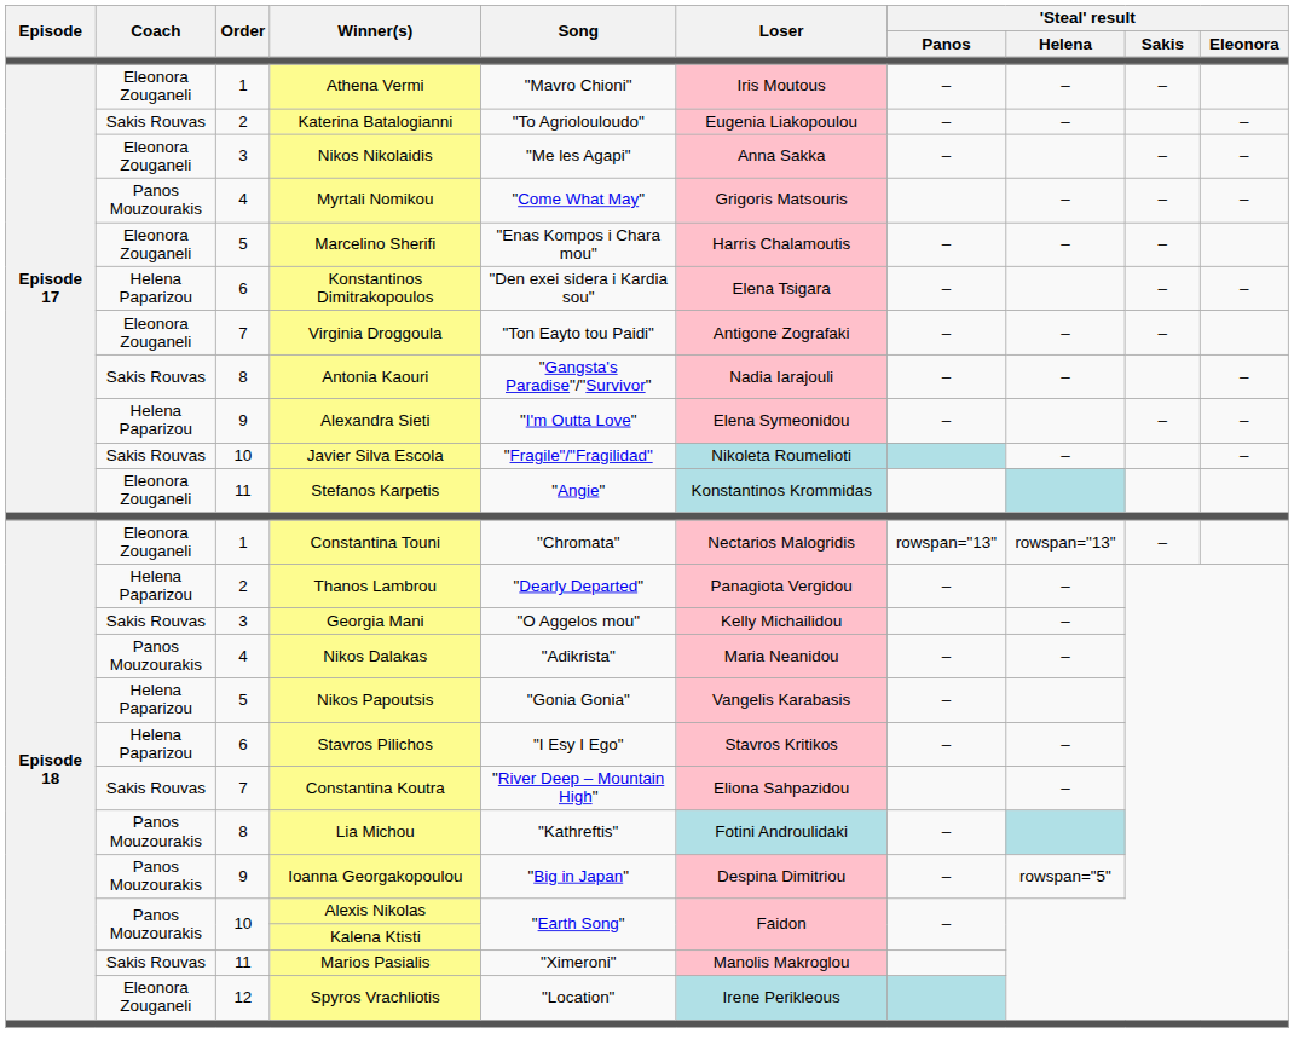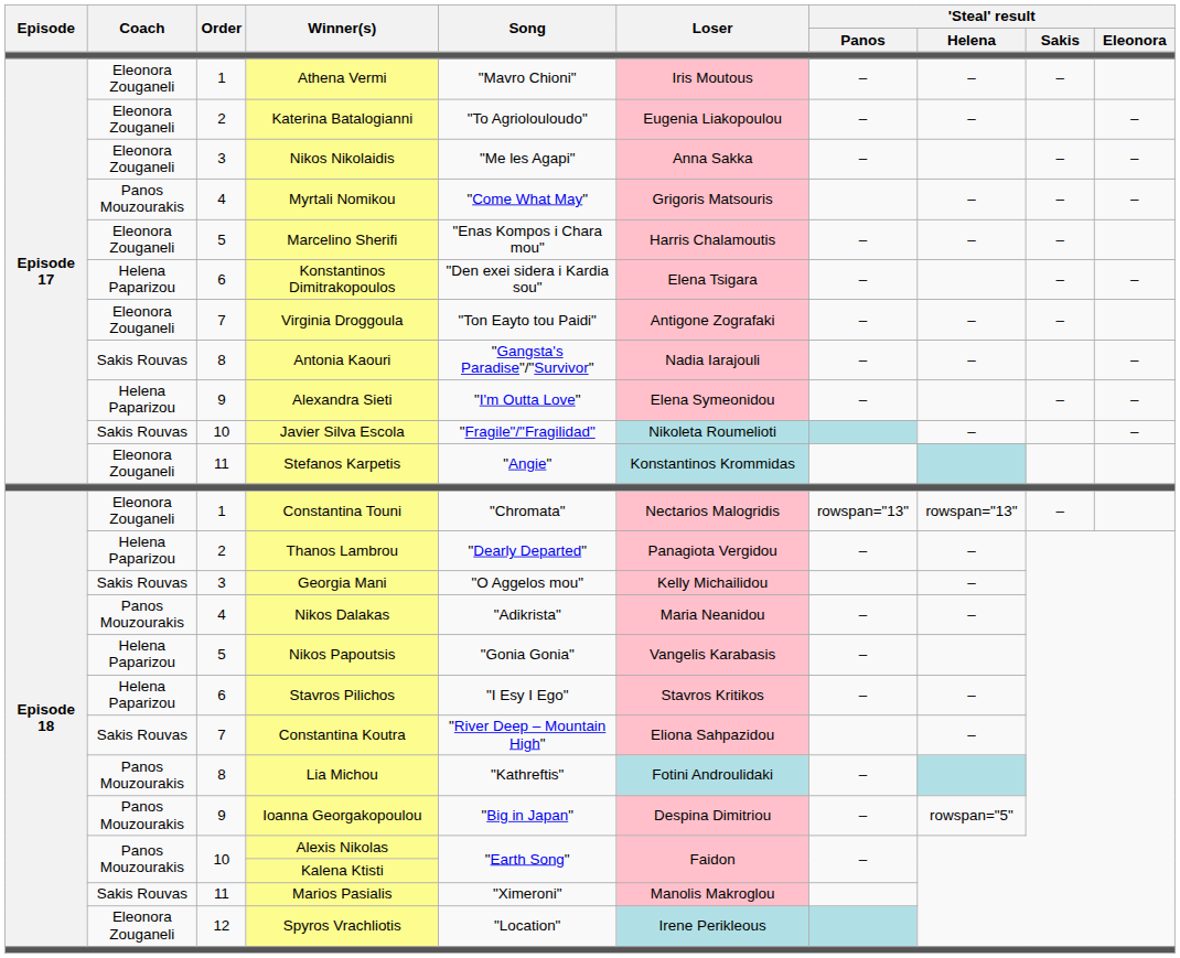 <table class="wikitable" style="text-align: center; width:100%;">
 <tr>
 <th rowspan="2" style="width:06%;">Episode</th>
 <th rowspan="2" style="width:08%;">Coach</th>
 <th rowspan="2" style="width:01%;">Order</th>
 <th rowspan="2" style="width:14%;">Winner(s)</th>
 <th rowspan="2" style="width:13%;">Song</th>
 <th rowspan="2" style="width:14%;">Loser</th>
 <th colspan="4" style="width:20%;">'Steal' result</th>
 </tr>
 <tr>
 <th style="width:05%;">Panos</th>
 <th style="width:05%;">Helena</th>
 <th style="width:05%;">Sakis</th>
 <th style="width:05%;">Eleonora</th>
 </tr>
 <tr>
 <td colspan="10" style="background:#555;"></td>
 </tr>
 <tr>
 <th rowspan="11">Episode 17<br><small></small></th>
 <td>Eleonora Zouganeli</td>
 <td>1</td>
 <td style="background:#fdfc8f;text-align:center;">Athena Vermi</td>
 <td>"Mavro Chioni"</td>
 <td style="background:pink;text-align:center;">Iris Moutous</td>
 <td>–</td>
 <td>–</td>
 <td>–</td>
 <td></td>
 </tr>
 <tr>
-<td>Sakis Rouvas</td>
+<td>Eleonora Zouganeli</td>
 <td>2</td>
 <td style="background:#fdfc8f;text-align:center;">Katerina Batalogianni</td>
 <td>"To Agriolouloudo"</td>
 <td style="background:pink;text-align:center;">Eugenia Liakopoulou</td>
 <td>–</td>
 <td>–</td>
 <td></td>
 <td>–</td>
 </tr>
 <tr>
 <td>Eleonora Zouganeli</td>
 <td>3</td>
 <td style="background:#fdfc8f;text-align:center;">Nikos Nikolaidis</td>
 <td>"Me les Agapi"</td>
 <td style="background:pink;text-align:center;">Anna Sakka</td>
 <td>–</td>
 <td></td>
 <td>–</td>
 <td>–</td>
 </tr>
 <tr>
 <td>Panos Mouzourakis</td>
 <td>4</td>
 <td style="background:#fdfc8f;text-align:center;">Myrtali Nomikou</td>
 <td>"<a href='#'>Come What May</a>"</td>
 <td style="background:pink;text-align:center;">Grigoris Matsouris</td>
 <td></td>
 <td>–</td>
 <td>–</td>
 <td>–</td>
 </tr>
 <tr>
 <td>Eleonora Zouganeli</td>
 <td>5</td>
 <td style="background:#fdfc8f;text-align:center;">Marcelino Sherifi</td>
 <td>"Enas Kompos i Chara mou"</td>
 <td style="background:pink;text-align:center;">Harris Chalamoutis</td>
 <td>–</td>
 <td>–</td>
 <td>–</td>
 <td></td>
 </tr>
 <tr>
 <td>Helena Paparizou</td>
 <td>6</td>
 <td style="background:#fdfc8f;text-align:center;">Konstantinos Dimitrakopoulos</td>
 <td>"Den exei sidera i Kardia sou"</td>
 <td style="background:pink;text-align:center;">Elena Tsigara</td>
 <td>–</td>
 <td></td>
 <td>–</td>
 <td>–</td>
 </tr>
 <tr>
 <td>Eleonora Zouganeli</td>
 <td>7</td>
 <td style="background:#fdfc8f;text-align:center;">Virginia Droggoula</td>
 <td>"Ton Eayto tou Paidi"</td>
 <td style="background:pink;text-align:center;">Antigone Zografaki</td>
 <td>–</td>
 <td>–</td>
 <td>–</td>
 <td></td>
 </tr>
 <tr>
 <td>Sakis Rouvas</td>
 <td>8</td>
 <td style="background:#fdfc8f;text-align:center;">Antonia Kaouri</td>
 <td>"<a href='#'>Gangsta's Paradise</a>"/"<a href='#'>Survivor</a>"</td>
 <td style="background:pink;text-align:center;">Nadia Iarajouli</td>
 <td>–</td>
 <td>–</td>
 <td></td>
 <td>–</td>
 </tr>
 <tr>
 <td>Helena Paparizou</td>
 <td>9</td>
 <td style="background:#fdfc8f;text-align:center;">Alexandra Sieti</td>
 <td>"<a href='#'>I'm Outta Love</a>"</td>
 <td style="background:pink;text-align:center;">Elena Symeonidou</td>
 <td>–</td>
 <td></td>
 <td>–</td>
 <td>–</td>
 </tr>
 <tr>
 <td>Sakis Rouvas</td>
 <td>10</td>
 <td style="background:#fdfc8f;text-align:center;">Javier Silva Escola</td>
 <td>"<a href='#'>Fragile"/"Fragilidad"</a></td>
 <td style="background:#b0e0e6;text-align:center;">Nikoleta Roumelioti</td>
 <td style="background:#b0e0e6;text-align:center;"></td>
 <td>–</td>
 <td></td>
 <td>–</td>
 </tr>
 <tr>
 <td>Eleonora Zouganeli</td>
 <td>11</td>
 <td style="background:#fdfc8f;text-align:center;">Stefanos Karpetis</td>
 <td>"<a href='#'>Angie</a>"</td>
 <td style="background:#b0e0e6;text-align:center;">Konstantinos Krommidas</td>
 <td></td>
 <td style="background:#b0e0e6;text-align:center;"></td>
 <td></td>
 <td></td>
 </tr>
 <tr>
 <td colspan="10" style="background:#555;"></td>
 </tr>
 <tr>
 <th rowspan="13">Episode 18<br><small></small></th>
 <td>Eleonora Zouganeli</td>
 <td>1</td>
 <td style="background:#fdfc8f;text-align:center;">Constantina Touni</td>
 <td>"Chromata"</td>
 <td style="background:pink;text-align:center;">Nectarios Malogridis</td>
 <td>rowspan="13" </td>
 <td>rowspan="13" </td>
 <td>–</td>
 <td></td>
 </tr>
 <tr>
 <td>Helena Paparizou</td>
 <td>2</td>
 <td style="background:#fdfc8f;text-align:center;">Thanos Lambrou</td>
 <td>"<a href='#'>Dearly Departed</a>"</td>
 <td style="background:pink;text-align:center;">Panagiota Vergidou</td>
 <td>–</td>
 <td>–</td>
 </tr>
 <tr>
 <td>Sakis Rouvas</td>
 <td>3</td>
 <td style="background:#fdfc8f;text-align:center;">Georgia Mani</td>
 <td>"O Aggelos mou"</td>
 <td style="background:pink;text-align:center;">Kelly Michailidou</td>
 <td></td>
 <td>–</td>
 </tr>
 <tr>
 <td>Panos Mouzourakis</td>
 <td>4</td>
 <td style="background:#fdfc8f;text-align:center;">Nikos Dalakas</td>
 <td>"Adikrista"</td>
 <td style="background:pink;text-align:center;">Maria Neanidou</td>
 <td>–</td>
 <td>–</td>
 </tr>
 <tr>
 <td>Helena Paparizou</td>
 <td>5</td>
 <td style="background:#fdfc8f;text-align:center;">Nikos Papoutsis</td>
 <td>"Gonia Gonia"</td>
 <td style="background:pink;text-align:center;">Vangelis Karabasis</td>
 <td>–</td>
 <td></td>
 </tr>
 <tr>
 <td>Helena Paparizou</td>
 <td>6</td>
 <td style="background:#fdfc8f;text-align:center;">Stavros Pilichos</td>
 <td>"I Esy I Ego"</td>
 <td style="background:pink;text-align:center;">Stavros Kritikos</td>
 <td>–</td>
 <td>–</td>
 </tr>
 <tr>
 <td>Sakis Rouvas</td>
 <td>7</td>
 <td style="background:#fdfc8f;text-align:center;">Constantina Koutra</td>
 <td>"<a href='#'>River Deep – Mountain High</a>"</td>
 <td style="background:pink;text-align:center;">Eliona Sahpazidou</td>
 <td></td>
 <td>–</td>
 </tr>
 <tr>
 <td>Panos Mouzourakis</td>
 <td>8</td>
 <td style="background:#fdfc8f;text-align:center;">Lia Michou</td>
 <td>"Kathreftis"</td>
 <td style="background:#b0e0e6;text-align:center;">Fotini Androulidaki</td>
 <td>–</td>
 <td style="background:#b0e0e6;text-align:center;"></td>
 </tr>
 <tr>
 <td>Panos Mouzourakis</td>
 <td>9</td>
 <td style="background:#fdfc8f;text-align:center;">Ioanna Georgakopoulou</td>
 <td>"<a href='#'>Big in Japan</a>"</td>
 <td style="background:pink;text-align:center;">Despina Dimitriou</td>
 <td>–</td>
 <td>rowspan="5" </td>
 </tr>
 <tr>
 <td rowspan="2">Panos Mouzourakis</td>
 <td rowspan="2">10</td>
 <td style="background:#fdfc8f;text-align:center;">Alexis Nikolas</td>
 <td rowspan="2">"<a href='#'>Earth Song</a>"</td>
 <td rowspan="2" style="background:pink;text-align:center;">Faidon</td>
 <td rowspan="2">–</td>
 </tr>
 <tr>
 <td style="background:#fdfc8f;text-align:center;">Kalena Ktisti</td>
 </tr>
 <tr>
 <td>Sakis Rouvas</td>
 <td>11</td>
 <td style="background:#fdfc8f;text-align:center;">Marios Pasialis</td>
 <td>"Ximeroni"</td>
 <td style="background:pink;text-align:center;">Manolis Makroglou</td>
 <td></td>
 </tr>
 <tr>
 <td>Eleonora Zouganeli</td>
 <td>12</td>
 <td style="background:#fdfc8f;text-align:center;">Spyros Vrachliotis</td>
 <td>"Location"</td>
 <td style="background:#b0e0e6;text-align:center;">Irene Perikleous</td>
 <td style="background:#b0e0e6;text-align:center;"></td>
 </tr>
 <tr>
 <td colspan="10" style="background:#555;"></td>
 </tr>
 <tr>
 </tr>
 </table>
